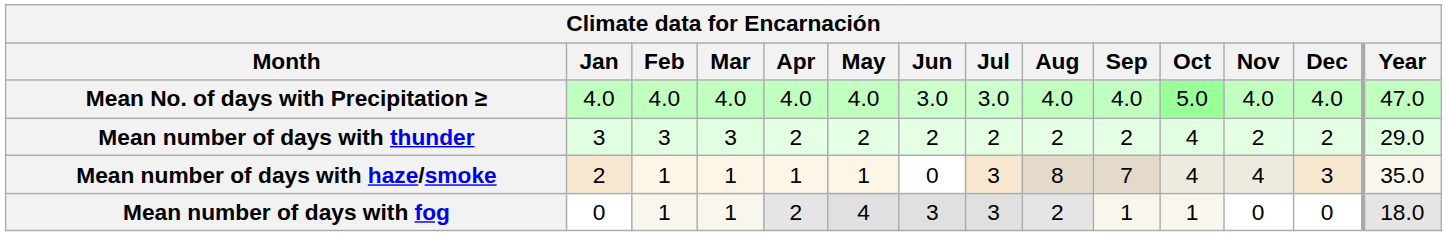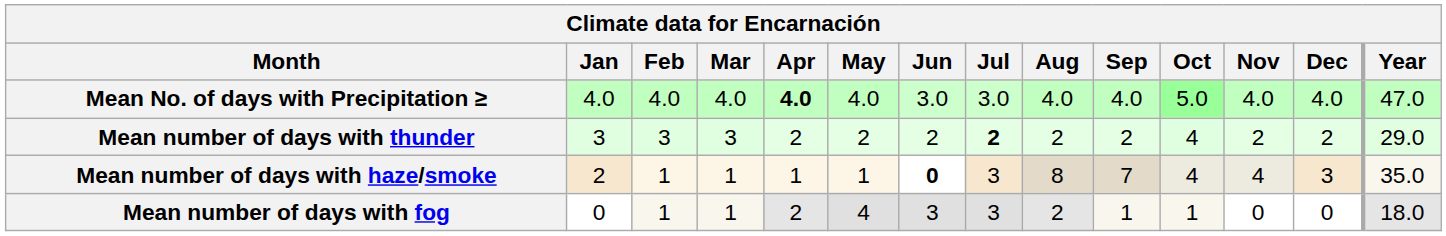 <table style="width:80%;text-align:center;line-height:1.2em;margin-left:auto;margin-right:auto" class="wikitable mw-collapsible">
 <tr>
 <th Colspan=14>Climate data for Encarnación</th>
 </tr>
 <tr>
 <th>Month</th>
 <th>Jan</th>
 <th>Feb</th>
 <th>Mar</th>
 <th>Apr</th>
 <th>May</th>
 <th>Jun</th>
 <th>Jul</th>
 <th>Aug</th>
 <th>Sep</th>
 <th>Oct</th>
 <th>Nov</th>
 <th>Dec</th>
 <th style="border-left-width:medium">Year</th>
 </tr>
 <tr>
 <th>Mean No. of days with Precipitation ≥ </th>
 <td style="background:#C0FFC0;color:#000000;">4.0</td>
 <td style="background:#C0FFC0;color:#000000;">4.0</td>
 <td style="background:#C0FFC0;color:#000000;">4.0</td>
-<td style="background:#C0FFC0;color:#000000;">4.0</td>
+<td style="background:#C0FFC0;color:#000000;"><strong>4.0</strong></td>
 <td style="background:#C0FFC0;color:#000000;">4.0</td>
 <td style="background:#CCFFCC;color:#000000;">3.0</td>
 <td style="background:#CCFFCC;color:#000000;">3.0</td>
 <td style="background:#C0FFC0;color:#000000;">4.0</td>
 <td style="background:#C0FFC0;color:#000000;">4.0</td>
 <td style="background:#99FF99;color:#000000;">5.0</td>
 <td style="background:#C0FFC0;color:#000000;">4.0</td>
 <td style="background:#C0FFC0;color:#000000;">4.0</td>
 <td style="background:#C0FFC0;color:#000000;border-left-width:medium">47.0</td>
 </tr>
 <tr>
 <th>Mean number of days with <a href='#'>thunder</a></th>
 <td style="background:#E0FFE0;color:#000000;">3</td>
 <td style="background:#E0FFE0;color:#000000;">3</td>
 <td style="background:#E0FFE0;color:#000000;">3</td>
 <td style="background:#E5FFE5;color:#000000;">2</td>
 <td style="background:#E5FFE5;color:#000000;">2</td>
 <td style="background:#E5FFE5;color:#000000;">2</td>
-<td style="background:#E5FFE5;color:#000000;">2</td>
+<td style="background:#E5FFE5;color:#000000;"><strong>2</strong></td>
 <td style="background:#E5FFE5;color:#000000;">2</td>
 <td style="background:#E5FFE5;color:#000000;">2</td>
 <td style="background:#E0FFE0;color:#000000;">4</td>
 <td style="background:#E5FFE5;color:#000000;">2</td>
 <td style="background:#E5FFE5;color:#000000;">2</td>
 <td style="background:#E0FFE0;color:#000000;border-left-width:medium">29.0</td>
 </tr>
 <tr>
 <th>Mean number of days with <a href='#'>haze</a>/<a href='#'>smoke</a></th>
 <td style="background:#F7E7CE;color:#000000;">2</td>
 <td style="background:#FDF5E6;color:#000000;">1</td>
 <td style="background:#FDF5E6;color:#000000;">1</td>
 <td style="background:#FDF5E6;color:#000000;">1</td>
 <td style="background:#FDF5E6;color:#000000;">1</td>
-<td style="background:#FFFFFF;color:#000000;">0</td>
+<td style="background:#FFFFFF;color:#000000;"><strong>0</strong></td>
 <td style="background:#F7E7CE;color:#000000;">3</td>
 <td style="background:#E3DAC9;color:#000000;">8</td>
 <td style="background:#E3DAC9;color:#000000;">7</td>
 <td style="background:#EDEAE0;color:#000000;">4</td>
 <td style="background:#EDEAE0;color:#000000;">4</td>
 <td style="background:#F7E7CE;color:#000000;">3</td>
 <td style="background:#F9F6EE;color:#000000;border-left-width:medium">35.0</td>
 </tr>
 <tr>
 <th>Mean number of days with <a href='#'>fog</a></th>
 <td style="background:#FFFFFF;color:#000000;">0</td>
 <td style="background:#F9F6EE;color:#000000;">1</td>
 <td style="background:#F9F6EE;color:#000000;">1</td>
 <td style="background:#E5E5E5;color:#000000;">2</td>
 <td style="background:#E0E0E0;color:#000000;">4</td>
 <td style="background:#E0E0E0;color:#000000;">3</td>
 <td style="background:#E0E0E0;color:#000000;">3</td>
 <td style="background:#E5E5E5;color:#000000;">2</td>
 <td style="background:#F9F6EE;color:#000000;">1</td>
 <td style="background:#F9F6EE;color:#000000;">1</td>
 <td style="background:#FFFFFF;color:#000000;">0</td>
 <td style="background:#FFFFFF;color:#000000;">0</td>
 <td style="background:#E5E5E5;color:#000000;border-left-width:medium">18.0</td>
 </tr>
 </table>
